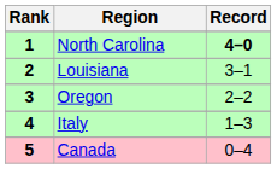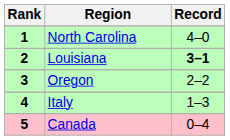 <table class="wikitable">
 <tr>
 <th>Rank</th>
 <th>Region</th>
 <th>Record</th>
 </tr>
 <tr>
 </tr>
 <tr bgcolor="bbffbb">
 <td align=center><strong>1</strong></td>
 <td align="left" width="120"> <a href='#'>North Carolina</a></td>
-<td align=center><strong>4–0</strong></td>
+<td align=center>4–0</td>
 </tr>
 <tr>
 </tr>
 <tr bgcolor="bbffbb">
 <td align=center><strong>2</strong></td>
 <td align="left" width="120"> <a href='#'>Louisiana</a></td>
-<td align=center>3–1</td>
+<td align=center><strong>3–1</strong></td>
 </tr>
 <tr>
 </tr>
 <tr bgcolor="bbffbb">
 <td align=center><strong>3</strong></td>
 <td align="left" width="140"> <a href='#'>Oregon</a></td>
 <td align=center>2–2</td>
 </tr>
 <tr>
 </tr>
 <tr bgcolor="bbffbb">
 <td align=center><strong>4</strong></td>
 <td align="left" width="120"> <a href='#'>Italy</a></td>
 <td align=center>1–3</td>
 </tr>
 <tr>
 </tr>
 <tr bgcolor="ffc0cb">
 <td align=center><strong>5</strong></td>
 <td align="left" width="120"> <a href='#'>Canada</a></td>
 <td align=center>0–4</td>
 </tr>
 </table>
